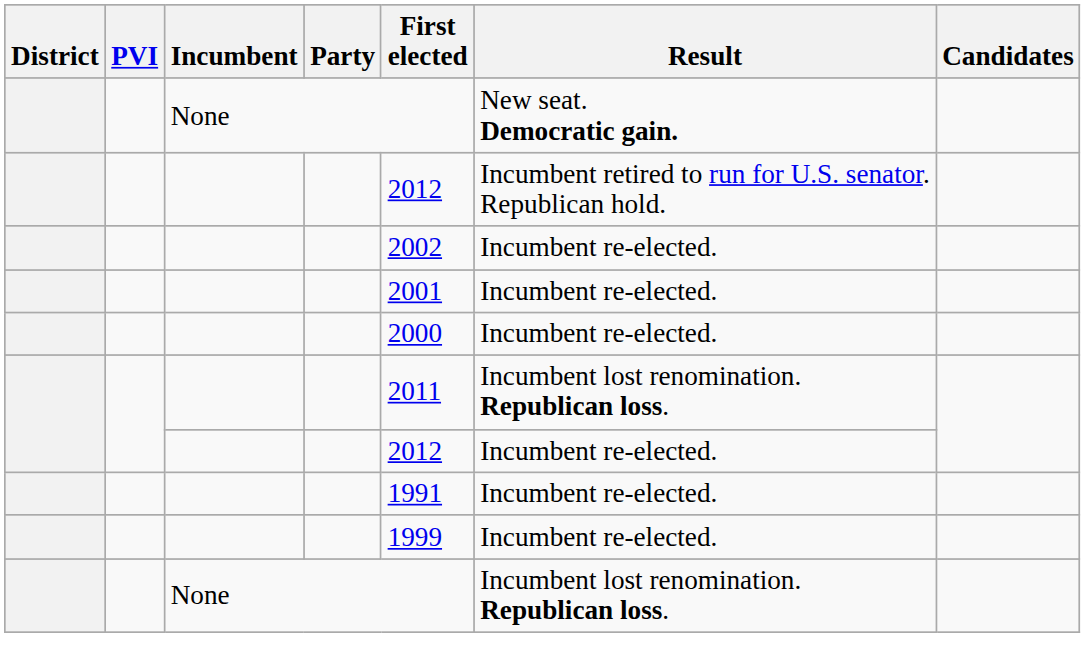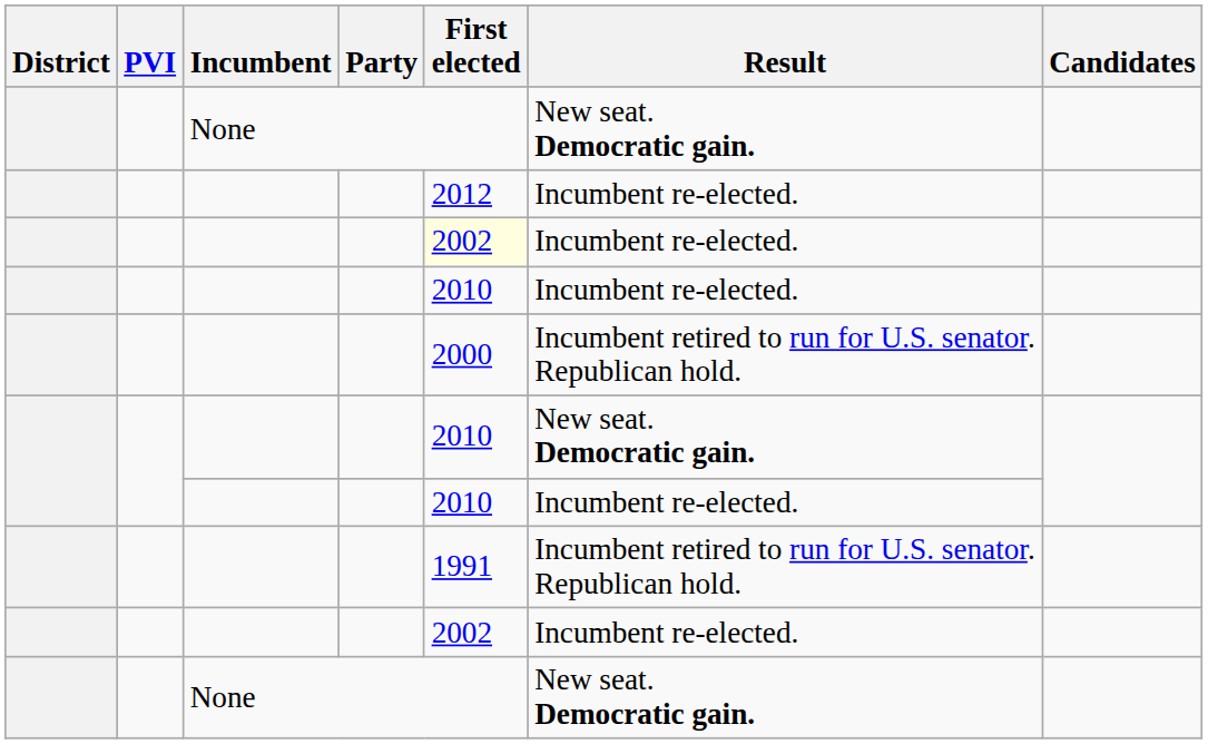 <table class="wikitable sortable">
 <tr valign=bottom>
 <th>District</th>
 <th><a href='#'>PVI</a></th>
 <th>Incumbent</th>
 <th>Party</th>
 <th>First<br>elected</th>
 <th>Result</th>
 <th>Candidates</th>
 </tr>
 <tr>
 <th></th>
 <td></td>
 <td colspan=3 data-sort-value="ZZZ">None </td>
 <td>New seat.<br><strong>Democratic gain.</strong></td>
 <td nowrap></td>
 </tr>
 <tr>
 <th></th>
 <td></td>
 <td> <br></td>
 <td></td>
 <td><a href='#'>2012 </a></td>
+<td>Incumbent re-elected.</td>
+<td nowrap></td>
+</tr>
+<tr>
+<th></th>
+<td></td>
+<td> <br></td>
+<td></td>
+<td style="background: lightyellow;"><a href='#'>2002</a></td>
+<td>Incumbent re-elected.</td>
+<td nowrap></td>
+</tr>
+<tr>
+<th></th>
+<td></td>
+<td> <br></td>
+<td></td>
+<td><a href='#'>2010</a></td>
+<td>Incumbent re-elected.</td>
+<td nowrap></td>
+</tr>
+<tr>
+<th></th>
+<td></td>
+<td> <br></td>
+<td></td>
+<td><a href='#'>2000</a></td>
+<td>Incumbent retired to <a href='#'>run for U.S. senator</a>.<br>Republican hold.</td>
+<td nowrap></td>
+</tr>
+<tr>
+<th rowspan=2></th>
+<td rowspan=2 ></td>
+<td><br></td>
+<td></td>
+<td><a href='#'>2010</a></td>
+<td>New seat.<br><strong>Democratic gain.</strong></td>
+<td rowspan=2 nowrap></td>
+</tr>
+<tr>
+<td><br></td>
+<td></td>
+<td><a href='#'>2010</a></td>
+<td>Incumbent re-elected.</td>
+</tr>
+<tr>
+<th></th>
+<td></td>
+<td> <br></td>
+<td></td>
+<td><a href='#'>1991 </a></td>
 <td>Incumbent retired to <a href='#'>run for U.S. senator</a>.<br>Republican hold.</td>
 <td nowrap></td>
 </tr>
 <tr>
 <th></th>
 <td></td>
 <td> <br></td>
 <td></td>
 <td><a href='#'>2002</a></td>
 <td>Incumbent re-elected.</td>
 <td nowrap></td>
 </tr>
 <tr>
 <th></th>
 <td></td>
-<td> <br></td>
-<td></td>
-<td><a href='#'>2001</a></td>
-<td>Incumbent re-elected.</td>
-<td nowrap></td>
-</tr>
-<tr>
-<th></th>
-<td></td>
-<td> <br></td>
-<td></td>
-<td><a href='#'>2000</a></td>
-<td>Incumbent re-elected.</td>
-<td nowrap></td>
-</tr>
-<tr>
-<th rowspan=2></th>
-<td rowspan=2 ></td>
-<td><br></td>
-<td></td>
-<td><a href='#'>2011</a></td>
-<td>Incumbent lost renomination.<br><strong>Republican loss</strong>.</td>
-<td rowspan=2 nowrap></td>
-</tr>
-<tr>
-<td><br></td>
-<td></td>
-<td><a href='#'>2012</a></td>
-<td>Incumbent re-elected.</td>
-</tr>
-<tr>
-<th></th>
-<td></td>
-<td> <br></td>
-<td></td>
-<td><a href='#'>1991 </a></td>
-<td>Incumbent re-elected.</td>
-<td nowrap></td>
-</tr>
-<tr>
-<th></th>
-<td></td>
-<td> <br></td>
-<td></td>
-<td><a href='#'>1999</a></td>
-<td>Incumbent re-elected.</td>
-<td nowrap></td>
-</tr>
-<tr>
-<th></th>
-<td></td>
 <td colspan=3 data-sort-value="ZZZ">None </td>
-<td>Incumbent lost renomination.<br><strong>Republican loss</strong>.</td>
+<td>New seat.<br><strong>Democratic gain.</strong></td>
 <td nowrap></td>
 </tr>
 </table>
